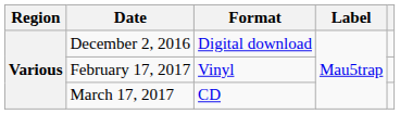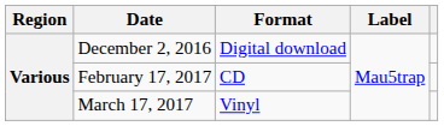 <table class="wikitable plainrowheaders">
 <tr>
 <th>Region</th>
 <th>Date</th>
 <th>Format</th>
 <th>Label</th>
 <th></th>
 </tr>
 <tr>
 <th scope="row" rowspan="3">Various</th>
 <td>December 2, 2016</td>
 <td><a href='#'>Digital download</a></td>
 <td rowspan=3><a href='#'>Mau5trap</a></td>
 <td></td>
 </tr>
 <tr>
 <td>February 17, 2017</td>
-<td><a href='#'>Vinyl</a></td>
+<td><a href='#'>CD</a></td>
 <td></td>
 </tr>
 <tr>
 <td>March 17, 2017</td>
-<td><a href='#'>CD</a></td>
+<td><a href='#'>Vinyl</a></td>
 <td></td>
 </tr>
 </table>
